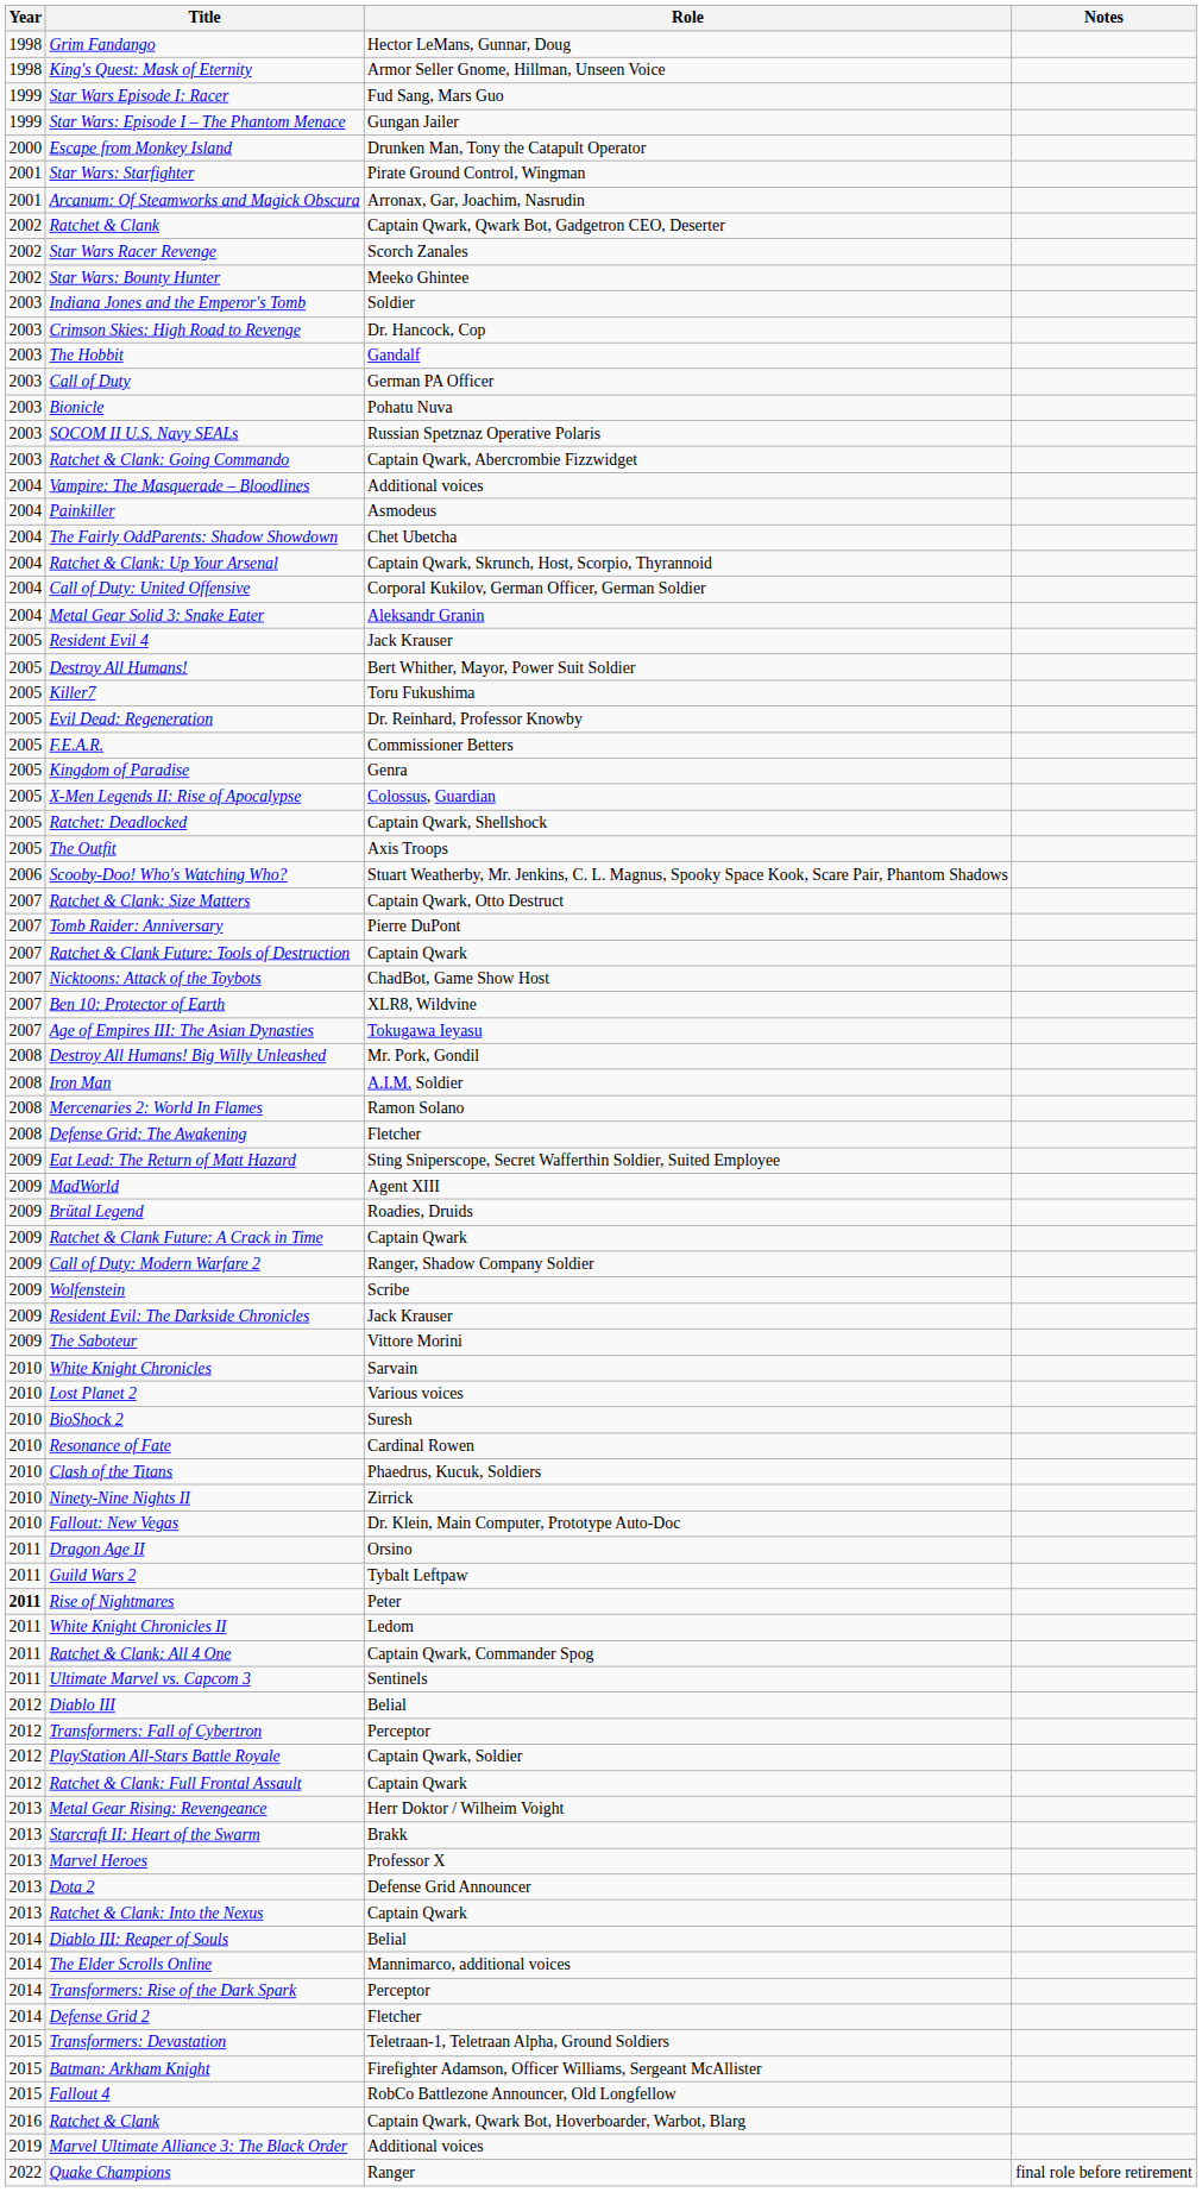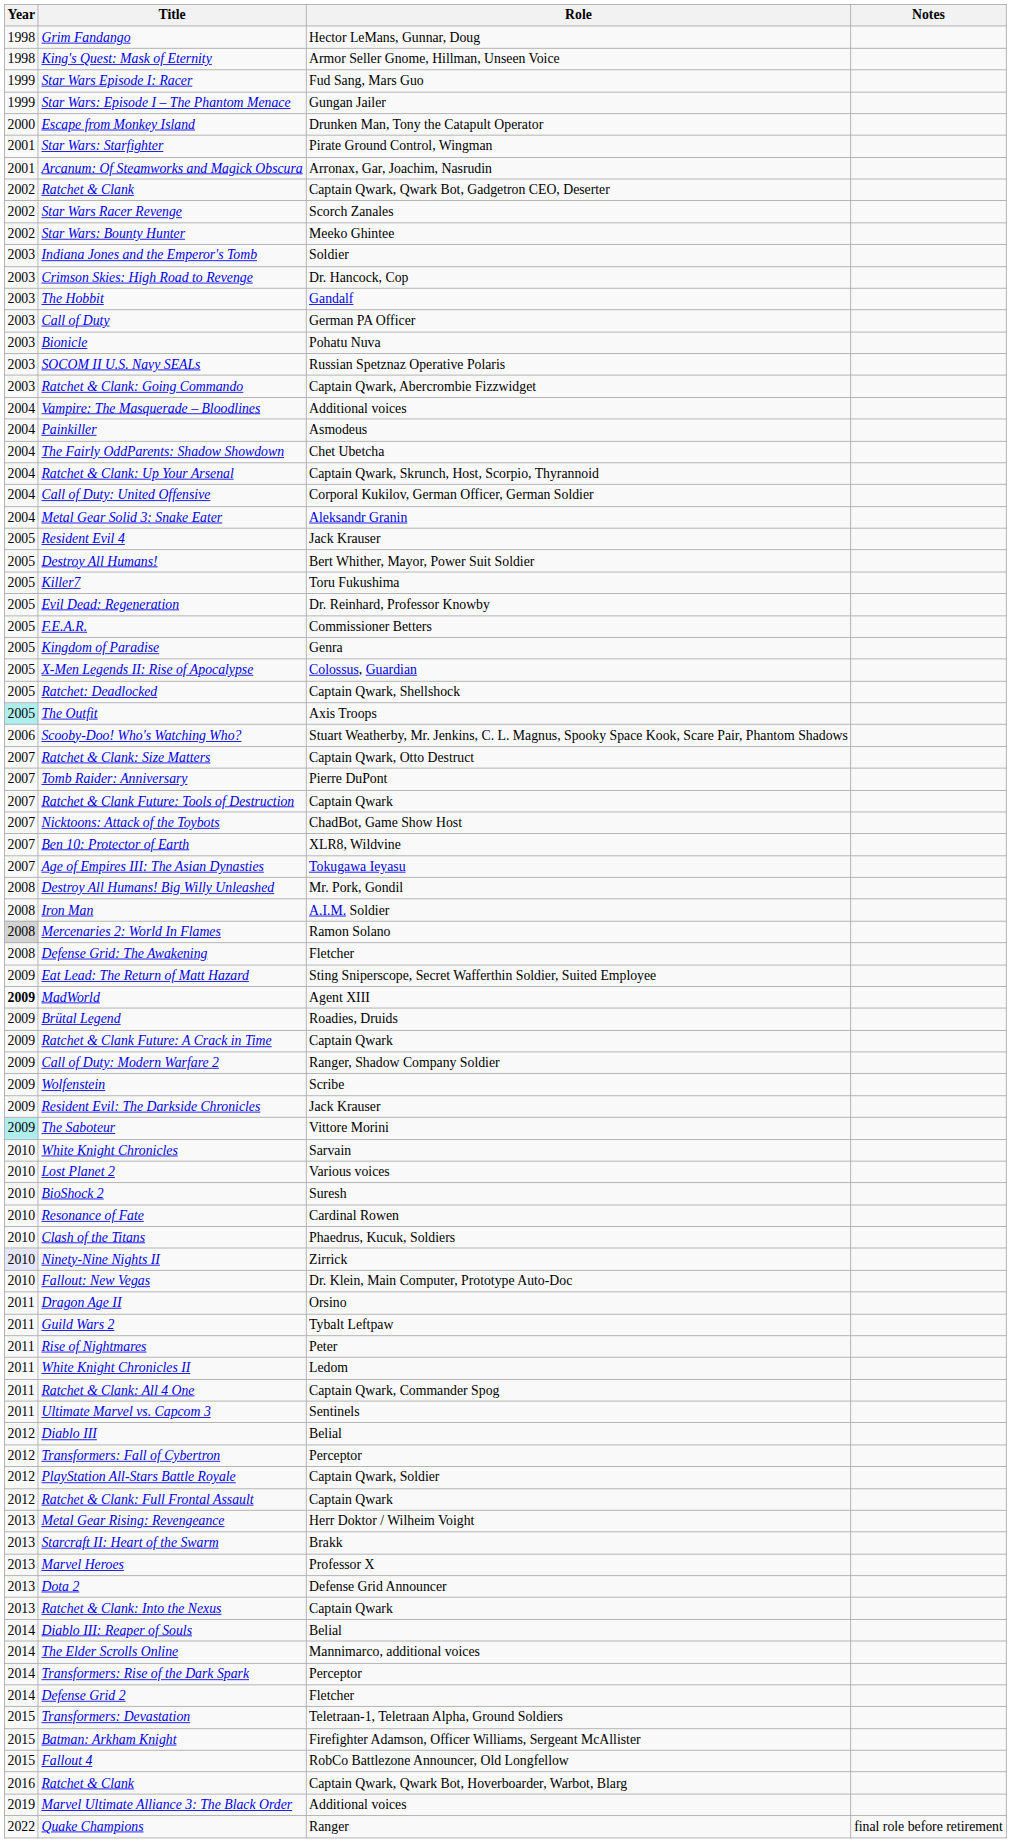 <table class="wikitable">
 <tr>
 <th>Year</th>
 <th>Title</th>
 <th>Role</th>
 <th>Notes</th>
 </tr>
 <tr>
 <td>1998</td>
 <td><em><a href='#'>Grim Fandango</a></em></td>
 <td>Hector LeMans, Gunnar, Doug</td>
 <td></td>
 </tr>
 <tr>
 <td>1998</td>
 <td><em><a href='#'>King's Quest: Mask of Eternity</a></em></td>
 <td>Armor Seller Gnome, Hillman, Unseen Voice</td>
 <td></td>
 </tr>
 <tr>
 <td>1999</td>
 <td><em><a href='#'>Star Wars Episode I: Racer</a></em></td>
 <td>Fud Sang, Mars Guo</td>
 <td></td>
 </tr>
 <tr>
 <td>1999</td>
 <td><em><a href='#'>Star Wars: Episode I – The Phantom Menace</a></em></td>
 <td>Gungan Jailer</td>
 <td></td>
 </tr>
 <tr>
 <td>2000</td>
 <td><em><a href='#'>Escape from Monkey Island</a></em></td>
 <td>Drunken Man, Tony the Catapult Operator</td>
 <td></td>
 </tr>
 <tr>
 <td>2001</td>
 <td><em><a href='#'>Star Wars: Starfighter</a></em></td>
 <td>Pirate Ground Control, Wingman</td>
 <td></td>
 </tr>
 <tr>
 <td>2001</td>
 <td><em><a href='#'>Arcanum: Of Steamworks and Magick Obscura</a></em></td>
 <td>Arronax, Gar, Joachim, Nasrudin</td>
 <td></td>
 </tr>
 <tr>
 <td>2002</td>
 <td><em><a href='#'>Ratchet & Clank</a></em></td>
 <td>Captain Qwark, Qwark Bot, Gadgetron CEO, Deserter</td>
 <td></td>
 </tr>
 <tr>
 <td>2002</td>
 <td><em><a href='#'>Star Wars Racer Revenge</a></em></td>
 <td>Scorch Zanales</td>
 <td></td>
 </tr>
 <tr>
 <td>2002</td>
 <td><em><a href='#'>Star Wars: Bounty Hunter</a></em></td>
 <td>Meeko Ghintee</td>
 <td></td>
 </tr>
 <tr>
 <td>2003</td>
 <td><em><a href='#'>Indiana Jones and the Emperor's Tomb</a></em></td>
 <td>Soldier</td>
 <td></td>
 </tr>
 <tr>
 <td>2003</td>
 <td><em><a href='#'>Crimson Skies: High Road to Revenge</a></em></td>
 <td>Dr. Hancock, Cop</td>
 <td></td>
 </tr>
 <tr>
 <td>2003</td>
 <td><em><a href='#'>The Hobbit</a></em></td>
 <td><a href='#'>Gandalf</a></td>
 <td></td>
 </tr>
 <tr>
 <td>2003</td>
 <td><em><a href='#'>Call of Duty</a></em></td>
 <td>German PA Officer</td>
 <td></td>
 </tr>
 <tr>
 <td>2003</td>
 <td><em><a href='#'>Bionicle</a></em></td>
 <td>Pohatu Nuva</td>
 <td></td>
 </tr>
 <tr>
 <td>2003</td>
 <td><em><a href='#'>SOCOM II U.S. Navy SEALs</a></em></td>
 <td>Russian Spetznaz Operative Polaris</td>
 <td></td>
 </tr>
 <tr>
 <td>2003</td>
 <td><em><a href='#'>Ratchet & Clank: Going Commando</a></em></td>
 <td>Captain Qwark, Abercrombie Fizzwidget</td>
 <td></td>
 </tr>
 <tr>
 <td>2004</td>
 <td><em><a href='#'>Vampire: The Masquerade – Bloodlines</a></em></td>
 <td>Additional voices</td>
 <td></td>
 </tr>
 <tr>
 <td>2004</td>
 <td><em><a href='#'>Painkiller</a></em></td>
 <td>Asmodeus</td>
 <td></td>
 </tr>
 <tr>
 <td>2004</td>
 <td><em><a href='#'>The Fairly OddParents: Shadow Showdown</a></em></td>
 <td>Chet Ubetcha</td>
 <td></td>
 </tr>
 <tr>
 <td>2004</td>
 <td><em><a href='#'>Ratchet & Clank: Up Your Arsenal</a></em></td>
 <td>Captain Qwark, Skrunch, Host, Scorpio, Thyrannoid</td>
 <td></td>
 </tr>
 <tr>
 <td>2004</td>
 <td><em><a href='#'>Call of Duty: United Offensive</a></em></td>
 <td>Corporal Kukilov, German Officer, German Soldier</td>
 <td></td>
 </tr>
 <tr>
 <td>2004</td>
 <td><em><a href='#'>Metal Gear Solid 3: Snake Eater</a></em></td>
 <td><a href='#'>Aleksandr Granin</a></td>
 <td></td>
 </tr>
 <tr>
 <td>2005</td>
 <td><em><a href='#'>Resident Evil 4</a></em></td>
 <td>Jack Krauser</td>
 <td></td>
 </tr>
 <tr>
 <td>2005</td>
 <td><em><a href='#'>Destroy All Humans!</a></em></td>
 <td>Bert Whither, Mayor, Power Suit Soldier</td>
 <td></td>
 </tr>
 <tr>
 <td>2005</td>
 <td><em><a href='#'>Killer7</a></em></td>
 <td>Toru Fukushima</td>
 <td></td>
 </tr>
 <tr>
 <td>2005</td>
 <td><em><a href='#'>Evil Dead: Regeneration</a></em></td>
 <td>Dr. Reinhard, Professor Knowby</td>
 <td></td>
 </tr>
 <tr>
 <td>2005</td>
 <td><em><a href='#'>F.E.A.R.</a></em></td>
 <td>Commissioner Betters</td>
 <td></td>
 </tr>
 <tr>
 <td>2005</td>
 <td><em><a href='#'>Kingdom of Paradise</a></em></td>
 <td>Genra</td>
 <td></td>
 </tr>
 <tr>
 <td>2005</td>
 <td><em><a href='#'>X-Men Legends II: Rise of Apocalypse</a></em></td>
 <td><a href='#'>Colossus</a>, <a href='#'>Guardian</a></td>
 <td></td>
 </tr>
 <tr>
 <td>2005</td>
 <td><em><a href='#'>Ratchet: Deadlocked</a></em></td>
 <td>Captain Qwark, Shellshock</td>
 <td></td>
 </tr>
 <tr>
-<td>2005</td>
+<td style="background: paleturquoise;">2005</td>
 <td><em><a href='#'>The Outfit</a></em></td>
 <td>Axis Troops</td>
 <td></td>
 </tr>
 <tr>
 <td>2006</td>
 <td><em><a href='#'>Scooby-Doo! Who's Watching Who?</a></em></td>
 <td>Stuart Weatherby, Mr. Jenkins, C. L. Magnus, Spooky Space Kook, Scare Pair, Phantom Shadows</td>
 <td></td>
 </tr>
 <tr>
 <td>2007</td>
 <td><em><a href='#'>Ratchet & Clank: Size Matters</a></em></td>
 <td>Captain Qwark, Otto Destruct</td>
 <td></td>
 </tr>
 <tr>
 <td>2007</td>
 <td><em><a href='#'>Tomb Raider: Anniversary</a></em></td>
 <td>Pierre DuPont</td>
 <td></td>
 </tr>
 <tr>
 <td>2007</td>
 <td><em><a href='#'>Ratchet & Clank Future: Tools of Destruction</a></em></td>
 <td>Captain Qwark</td>
 <td></td>
 </tr>
 <tr>
 <td>2007</td>
 <td><em><a href='#'>Nicktoons: Attack of the Toybots</a></em></td>
 <td>ChadBot, Game Show Host</td>
 <td></td>
 </tr>
 <tr>
 <td>2007</td>
 <td><em><a href='#'>Ben 10: Protector of Earth</a></em></td>
 <td>XLR8, Wildvine</td>
 <td></td>
 </tr>
 <tr>
 <td>2007</td>
 <td><em><a href='#'>Age of Empires III: The Asian Dynasties</a></em></td>
 <td><a href='#'>Tokugawa Ieyasu</a></td>
 <td></td>
 </tr>
 <tr>
 <td>2008</td>
 <td><em><a href='#'>Destroy All Humans! Big Willy Unleashed</a></em></td>
 <td>Mr. Pork, Gondil</td>
 <td></td>
 </tr>
 <tr>
 <td>2008</td>
 <td><em><a href='#'>Iron Man</a></em></td>
 <td><a href='#'>A.I.M.</a> Soldier</td>
 <td></td>
 </tr>
 <tr>
-<td>2008</td>
+<td style="background: lightgrey;">2008</td>
 <td><em><a href='#'>Mercenaries 2: World In Flames</a></em></td>
 <td>Ramon Solano</td>
 <td></td>
 </tr>
 <tr>
 <td>2008</td>
 <td><em><a href='#'>Defense Grid: The Awakening</a></em></td>
 <td>Fletcher</td>
 <td></td>
 </tr>
 <tr>
 <td>2009</td>
 <td><em><a href='#'>Eat Lead: The Return of Matt Hazard</a></em></td>
 <td>Sting Sniperscope, Secret Wafferthin Soldier, Suited Employee</td>
 <td></td>
 </tr>
 <tr>
-<td>2009</td>
+<td><strong>2009</strong></td>
 <td><em><a href='#'>MadWorld</a></em></td>
 <td>Agent XIII</td>
 <td></td>
 </tr>
 <tr>
 <td>2009</td>
 <td><em><a href='#'>Brütal Legend</a></em></td>
 <td>Roadies, Druids</td>
 <td></td>
 </tr>
 <tr>
 <td>2009</td>
 <td><em><a href='#'>Ratchet & Clank Future: A Crack in Time</a></em></td>
 <td>Captain Qwark</td>
 <td></td>
 </tr>
 <tr>
 <td>2009</td>
 <td><em><a href='#'>Call of Duty: Modern Warfare 2</a></em></td>
 <td>Ranger, Shadow Company Soldier</td>
 <td></td>
 </tr>
 <tr>
 <td>2009</td>
 <td><em><a href='#'>Wolfenstein</a></em></td>
 <td>Scribe</td>
 <td></td>
 </tr>
 <tr>
 <td>2009</td>
 <td><em><a href='#'>Resident Evil: The Darkside Chronicles</a></em></td>
 <td>Jack Krauser</td>
 <td></td>
 </tr>
 <tr>
-<td>2009</td>
+<td style="background: paleturquoise;">2009</td>
 <td><em><a href='#'>The Saboteur</a></em></td>
 <td>Vittore Morini</td>
 <td></td>
 </tr>
 <tr>
 <td>2010</td>
 <td><em><a href='#'>White Knight Chronicles</a></em></td>
 <td>Sarvain</td>
 <td></td>
 </tr>
 <tr>
 <td>2010</td>
 <td><em><a href='#'>Lost Planet 2</a></em></td>
 <td>Various voices</td>
 <td></td>
 </tr>
 <tr>
 <td>2010</td>
 <td><em><a href='#'>BioShock 2</a></em></td>
 <td>Suresh</td>
 <td></td>
 </tr>
 <tr>
 <td>2010</td>
 <td><em><a href='#'>Resonance of Fate</a></em></td>
 <td>Cardinal Rowen</td>
 <td></td>
 </tr>
 <tr>
 <td>2010</td>
 <td><em><a href='#'>Clash of the Titans</a></em></td>
 <td>Phaedrus, Kucuk, Soldiers</td>
 <td></td>
 </tr>
 <tr>
-<td>2010</td>
+<td style="background: lavender;">2010</td>
 <td><em><a href='#'>Ninety-Nine Nights II</a></em></td>
 <td>Zirrick</td>
 <td></td>
 </tr>
 <tr>
 <td>2010</td>
 <td><em><a href='#'>Fallout: New Vegas</a></em></td>
 <td>Dr. Klein, Main Computer, Prototype Auto-Doc</td>
 <td></td>
 </tr>
 <tr>
 <td>2011</td>
 <td><em><a href='#'>Dragon Age II</a></em></td>
 <td>Orsino</td>
 <td></td>
 </tr>
 <tr>
 <td>2011</td>
 <td><em><a href='#'>Guild Wars 2</a></em></td>
 <td>Tybalt Leftpaw</td>
 <td></td>
 </tr>
 <tr>
-<td><strong>2011</strong></td>
+<td>2011</td>
 <td><em><a href='#'>Rise of Nightmares</a></em></td>
 <td>Peter</td>
 <td></td>
 </tr>
 <tr>
 <td>2011</td>
 <td><em><a href='#'>White Knight Chronicles II</a></em></td>
 <td>Ledom</td>
 <td></td>
 </tr>
 <tr>
 <td>2011</td>
 <td><em><a href='#'>Ratchet & Clank: All 4 One</a></em></td>
 <td>Captain Qwark, Commander Spog</td>
 <td></td>
 </tr>
 <tr>
 <td>2011</td>
 <td><em><a href='#'>Ultimate Marvel vs. Capcom 3</a></em></td>
 <td>Sentinels</td>
 <td></td>
 </tr>
 <tr>
 <td>2012</td>
 <td><em><a href='#'>Diablo III</a></em></td>
 <td>Belial</td>
 <td></td>
 </tr>
 <tr>
 <td>2012</td>
 <td><em><a href='#'>Transformers: Fall of Cybertron</a></em></td>
 <td>Perceptor</td>
 <td></td>
 </tr>
 <tr>
 <td>2012</td>
 <td><em><a href='#'>PlayStation All-Stars Battle Royale</a></em></td>
 <td>Captain Qwark, Soldier</td>
 <td></td>
 </tr>
 <tr>
 <td>2012</td>
 <td><em><a href='#'>Ratchet & Clank: Full Frontal Assault</a></em></td>
 <td>Captain Qwark</td>
 <td></td>
 </tr>
 <tr>
 <td>2013</td>
 <td><em><a href='#'>Metal Gear Rising: Revengeance</a></em></td>
 <td>Herr Doktor / Wilheim Voight</td>
 <td></td>
 </tr>
 <tr>
 <td>2013</td>
 <td><em><a href='#'>Starcraft II: Heart of the Swarm</a></em></td>
 <td>Brakk</td>
 <td></td>
 </tr>
 <tr>
 <td>2013</td>
 <td><em><a href='#'>Marvel Heroes</a></em></td>
 <td>Professor X</td>
 <td></td>
 </tr>
 <tr>
 <td>2013</td>
 <td><em><a href='#'>Dota 2</a></em></td>
 <td>Defense Grid Announcer</td>
 <td></td>
 </tr>
 <tr>
 <td>2013</td>
 <td><em><a href='#'>Ratchet & Clank: Into the Nexus</a></em></td>
 <td>Captain Qwark</td>
 <td></td>
 </tr>
 <tr>
 <td>2014</td>
 <td><em><a href='#'>Diablo III: Reaper of Souls</a></em></td>
 <td>Belial</td>
 <td></td>
 </tr>
 <tr>
 <td>2014</td>
 <td><em><a href='#'>The Elder Scrolls Online</a></em></td>
 <td>Mannimarco, additional voices</td>
 <td></td>
 </tr>
 <tr>
 <td>2014</td>
 <td><em><a href='#'>Transformers: Rise of the Dark Spark</a></em></td>
 <td>Perceptor</td>
 <td></td>
 </tr>
 <tr>
 <td>2014</td>
 <td><em><a href='#'>Defense Grid 2</a></em></td>
 <td>Fletcher</td>
 <td></td>
 </tr>
 <tr>
 <td>2015</td>
 <td><em><a href='#'>Transformers: Devastation</a></em></td>
 <td>Teletraan-1, Teletraan Alpha, Ground Soldiers</td>
 <td></td>
 </tr>
 <tr>
 <td>2015</td>
 <td><em><a href='#'>Batman: Arkham Knight</a></em></td>
 <td>Firefighter Adamson, Officer Williams, Sergeant McAllister</td>
 <td></td>
 </tr>
 <tr>
 <td>2015</td>
 <td><em><a href='#'>Fallout 4</a></em></td>
 <td>RobCo Battlezone Announcer, Old Longfellow</td>
 <td></td>
 </tr>
 <tr>
 <td>2016</td>
 <td><em><a href='#'>Ratchet & Clank</a></em></td>
 <td>Captain Qwark, Qwark Bot, Hoverboarder, Warbot, Blarg</td>
 <td></td>
 </tr>
 <tr>
 <td>2019</td>
 <td><em><a href='#'>Marvel Ultimate Alliance 3: The Black Order</a></em></td>
 <td>Additional voices</td>
 <td></td>
 </tr>
 <tr>
 <td>2022</td>
 <td><em><a href='#'>Quake Champions</a></em></td>
 <td>Ranger</td>
 <td>final role before retirement</td>
 </tr>
 </table>
